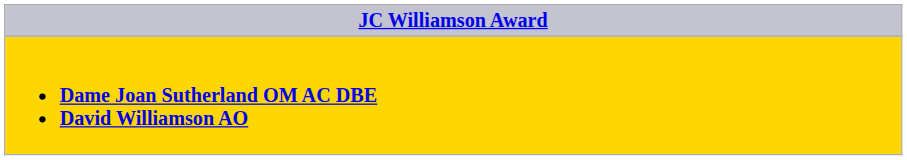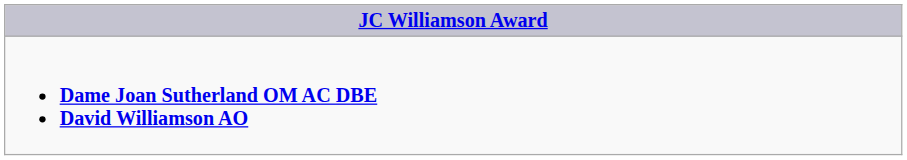 <table class=wikitable width="45%" border="1" cellpadding="5" cellspacing="0" align="centre">
 <tr>
 <th style="background:#C4C3D0;width:50%"><a href='#'>JC Williamson Award</a></th>
 </tr>
 <tr>
-<td valign="top" style="background: gold;"><br><ul><li><strong><a href='#'>Dame Joan Sutherland OM AC DBE</a></strong></li><li><strong><a href='#'>David Williamson AO</a></strong></li></ul></td>
+<td valign="top"><br><ul><li><strong><a href='#'>Dame Joan Sutherland OM AC DBE</a></strong></li><li><strong><a href='#'>David Williamson AO</a></strong></li></ul></td>
 </tr>
 </table>
